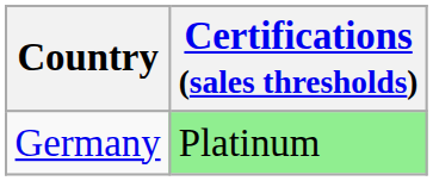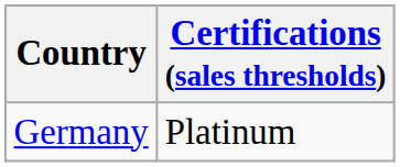 <table class="wikitable" border="1">
 <tr>
 <th>Country</th>
 <th><a href='#'>Certifications</a><br><small>(<a href='#'>sales thresholds</a>)</small></th>
 </tr>
 <tr>
 <td><a href='#'>Germany</a></td>
-<td style="background: lightgreen;">Platinum </td>
+<td>Platinum </td>
 </tr>
 </table>
